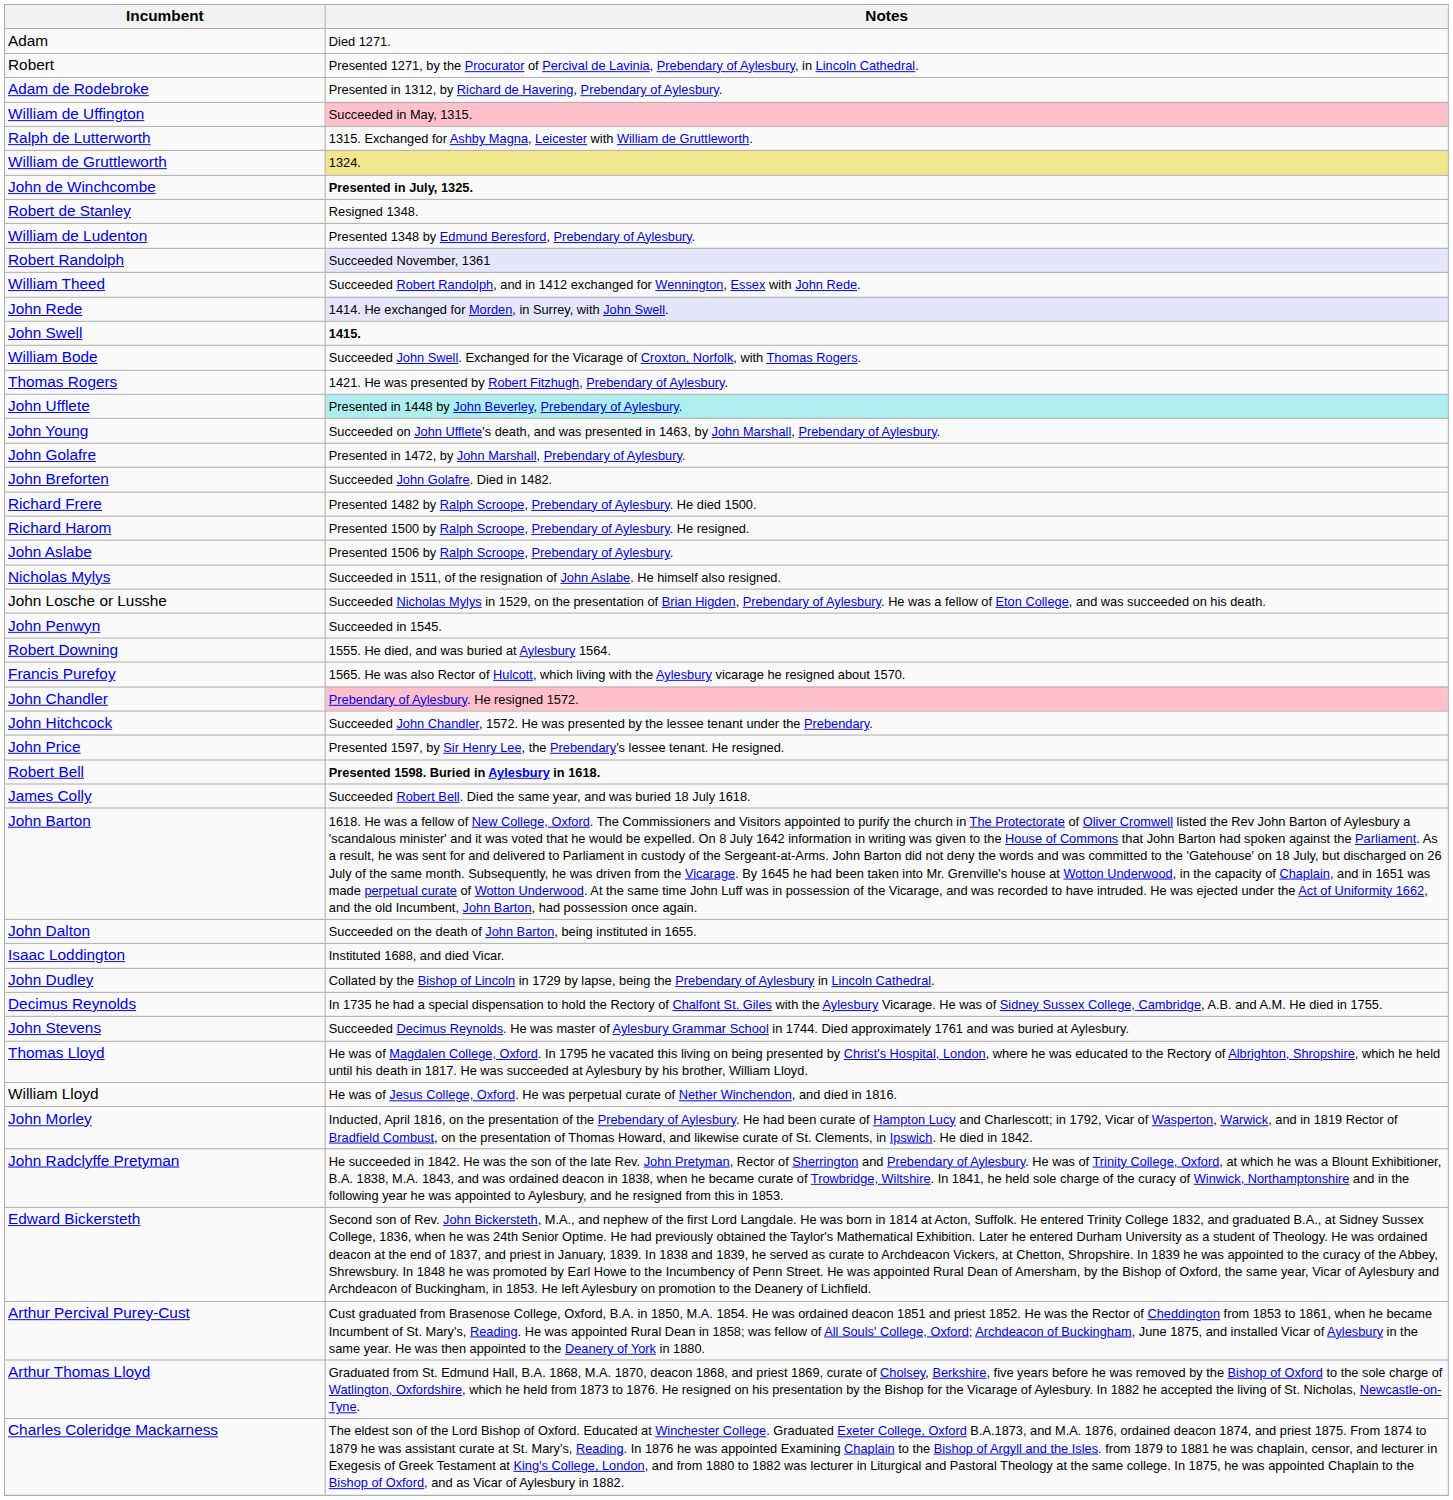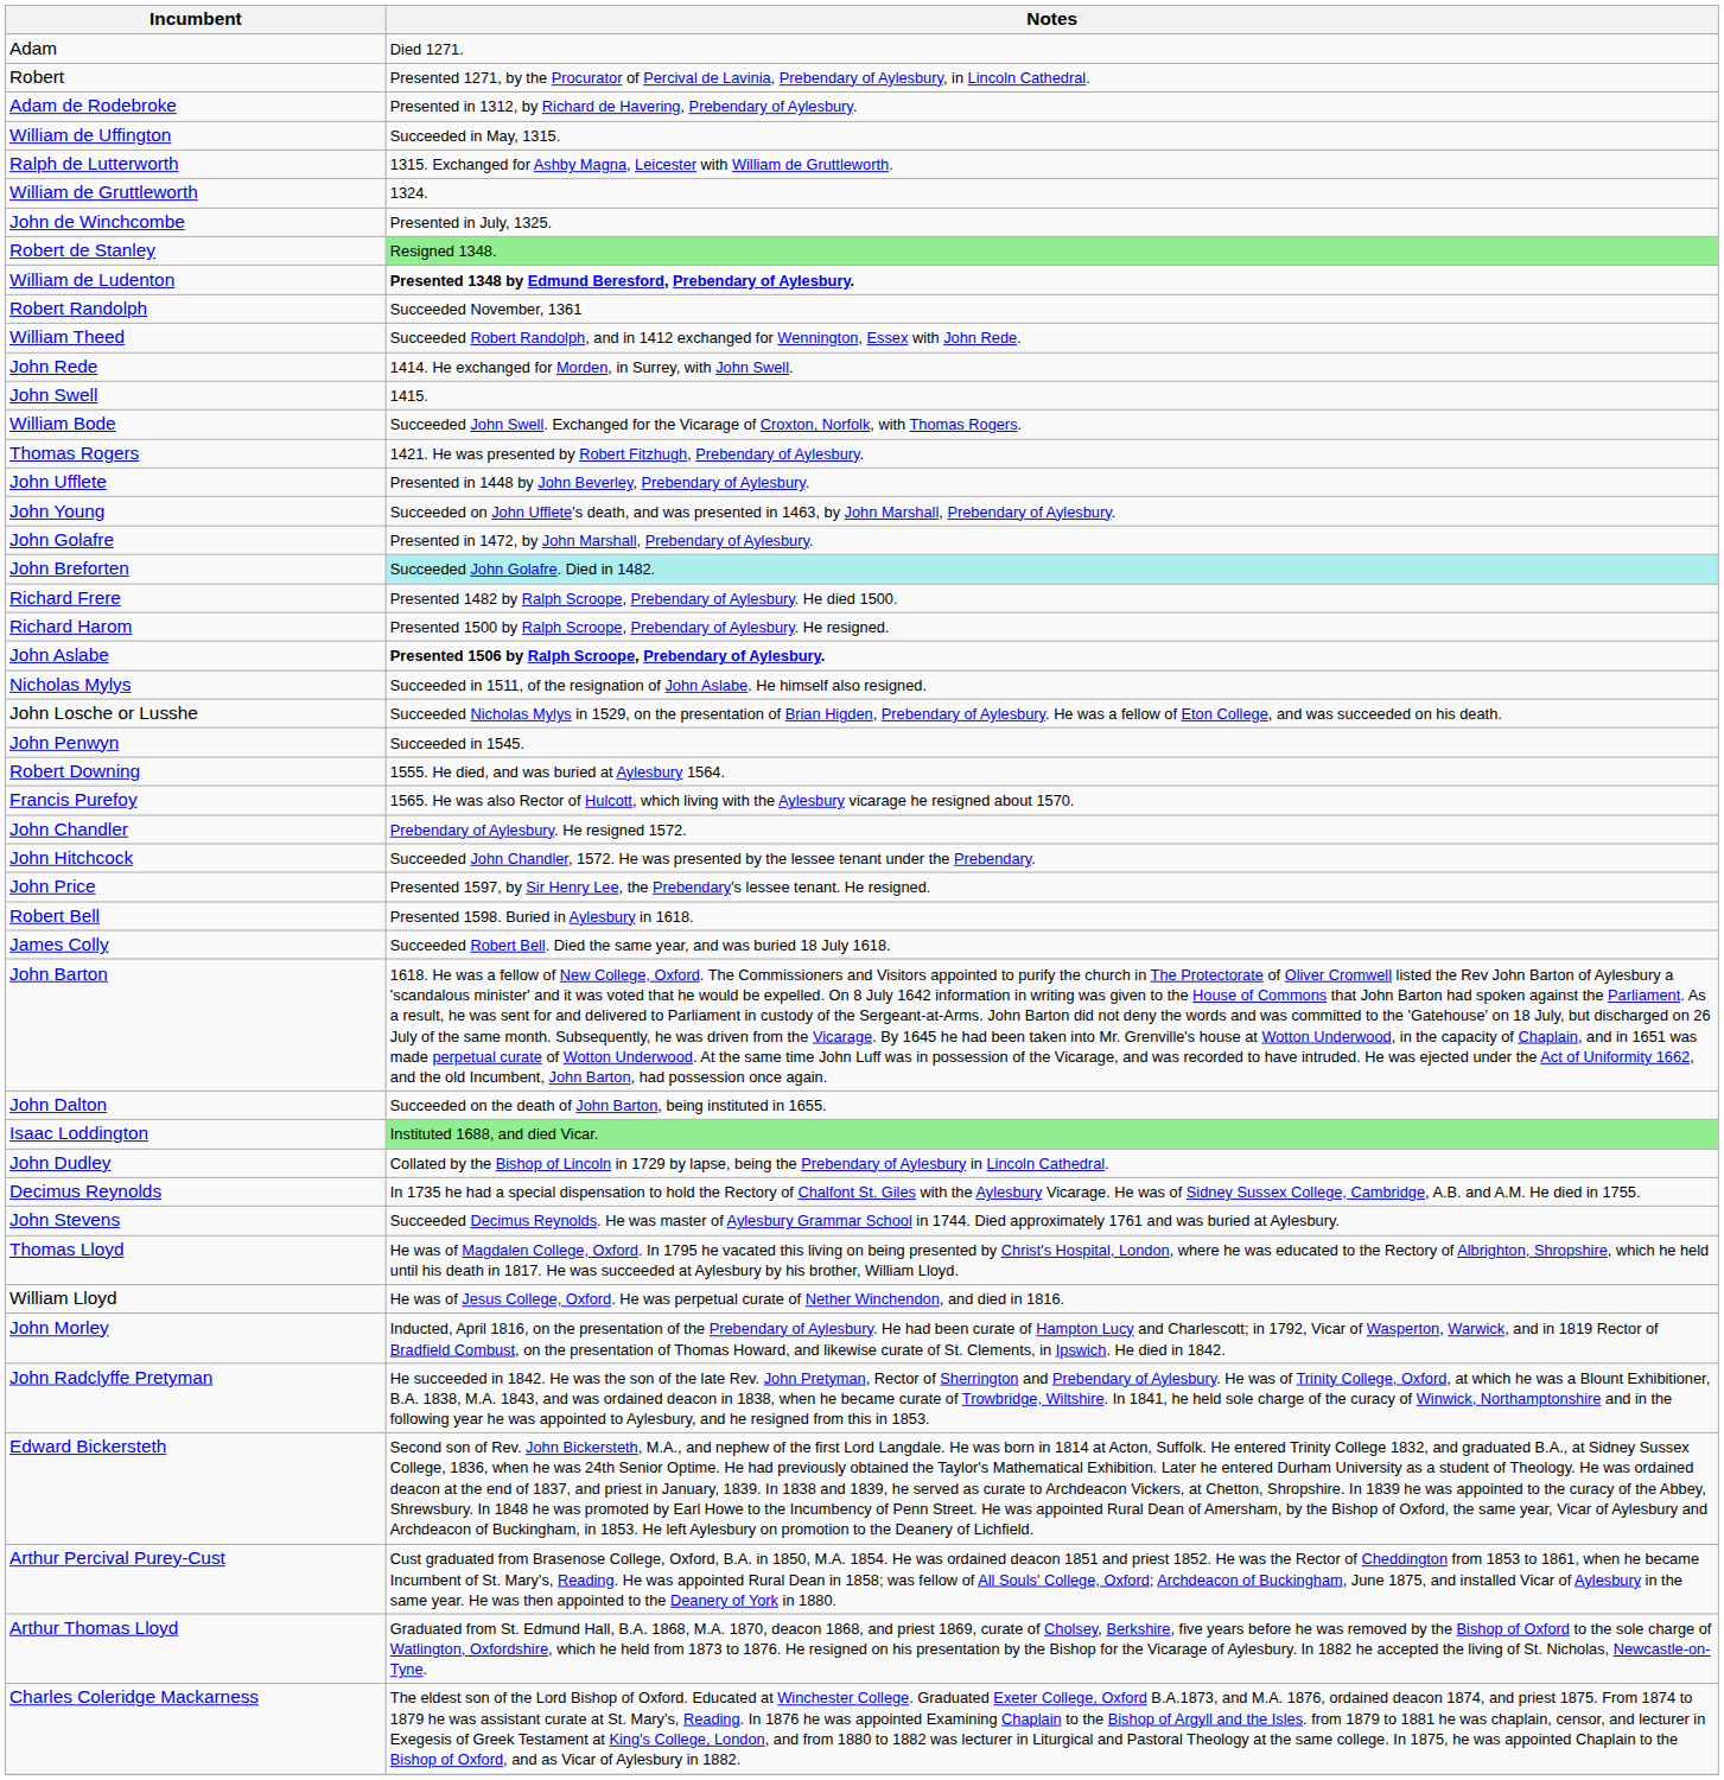 <table class="wikitable" style="width:95%;" border="1" cellpadding="2">
 <tr align=left>
 <th width="20%">Incumbent</th>
 <th width="70%">Notes</th>
 </tr>
 <tr valign=top>
 <td>Adam</td>
 <td><small>Died 1271.</small></td>
 </tr>
 <tr valign=top>
 <td>Robert</td>
 <td><small>Presented 1271, by the <a href='#'>Procurator</a> of <a href='#'>Percival de Lavinia</a>, <a href='#'>Prebendary of Aylesbury</a>, in <a href='#'>Lincoln Cathedral</a>.</small></td>
 </tr>
 <tr valign=top>
 <td><a href='#'>Adam de Rodebroke</a></td>
 <td><small>Presented in 1312, by <a href='#'>Richard de Havering</a>, <a href='#'>Prebendary of Aylesbury</a>.</small></td>
 </tr>
 <tr valign=top>
 <td><a href='#'>William de Uffington</a></td>
-<td style="background: pink;"><small>Succeeded in May, 1315.</small></td>
+<td><small>Succeeded in May, 1315.</small></td>
 </tr>
 <tr valign=top>
 <td><a href='#'>Ralph de Lutterworth</a></td>
 <td><small>1315. Exchanged for <a href='#'>Ashby Magna</a>, <a href='#'>Leicester</a> with <a href='#'>William de Gruttleworth</a>.</small></td>
 </tr>
 <tr valign=top>
 <td><a href='#'>William de Gruttleworth</a></td>
-<td style="background: khaki;"><small>1324.</small></td>
+<td><small>1324.</small></td>
 </tr>
 <tr valign=top>
 <td><a href='#'>John de Winchcombe</a></td>
-<td><strong><small>Presented in July, 1325.</small></strong></td>
+<td><small>Presented in July, 1325.</small></td>
 </tr>
 <tr valign=top>
 <td><a href='#'>Robert de Stanley</a></td>
-<td><small>Resigned 1348.</small></td>
+<td style="background: lightgreen;"><small>Resigned 1348.</small></td>
 </tr>
 <tr valign=top>
 <td><a href='#'>William de Ludenton</a></td>
-<td><small>Presented 1348 by <a href='#'>Edmund Beresford</a>, <a href='#'>Prebendary of Aylesbury</a>.</small></td>
+<td><strong><small>Presented 1348 by <a href='#'>Edmund Beresford</a>, <a href='#'>Prebendary of Aylesbury</a>.</small></strong></td>
 </tr>
 <tr valign=top>
 <td><a href='#'>Robert Randolph</a></td>
-<td style="background: lavender;"><small>Succeeded November, 1361</small></td>
+<td><small>Succeeded November, 1361</small></td>
 </tr>
 <tr valign=top>
 <td><a href='#'>William Theed</a></td>
 <td><small>Succeeded <a href='#'>Robert Randolph</a>, and in 1412 exchanged for <a href='#'>Wennington</a>, <a href='#'>Essex</a> with <a href='#'>John Rede</a>.</small></td>
 </tr>
 <tr valign=top>
 <td><a href='#'>John Rede</a></td>
-<td style="background: lavender;"><small>1414. He exchanged for <a href='#'>Morden</a>, in Surrey, with <a href='#'>John Swell</a>.</small></td>
+<td><small>1414. He exchanged for <a href='#'>Morden</a>, in Surrey, with <a href='#'>John Swell</a>.</small></td>
 </tr>
 <tr valign=top>
 <td><a href='#'>John Swell</a></td>
-<td><strong><small>1415.</small></strong></td>
+<td><small>1415.</small></td>
 </tr>
 <tr valign=top>
 <td><a href='#'>William Bode</a></td>
 <td><small>Succeeded <a href='#'>John Swell</a>. Exchanged for the Vicarage of <a href='#'>Croxton, Norfolk</a>, with <a href='#'>Thomas Rogers</a>.</small></td>
 </tr>
 <tr valign=top>
 <td><a href='#'>Thomas Rogers</a></td>
 <td><small>1421. He was presented by <a href='#'>Robert Fitzhugh</a>, <a href='#'>Prebendary of Aylesbury</a>.</small></td>
 </tr>
 <tr valign=top>
 <td><a href='#'>John Ufflete</a></td>
-<td style="background: paleturquoise;"><small>Presented in 1448 by <a href='#'>John Beverley</a>, <a href='#'>Prebendary of Aylesbury</a>.</small></td>
+<td><small>Presented in 1448 by <a href='#'>John Beverley</a>, <a href='#'>Prebendary of Aylesbury</a>.</small></td>
 </tr>
 <tr valign=top>
 <td><a href='#'>John Young</a></td>
 <td><small>Succeeded on <a href='#'>John Ufflete</a>'s death, and was presented in 1463, by <a href='#'>John Marshall</a>, <a href='#'>Prebendary of Aylesbury</a>.</small></td>
 </tr>
 <tr valign=top>
 <td><a href='#'>John Golafre</a></td>
 <td><small>Presented in 1472, by <a href='#'>John Marshall</a>, <a href='#'>Prebendary of Aylesbury</a>.</small></td>
 </tr>
 <tr valign=top>
 <td><a href='#'>John Breforten</a></td>
-<td><small>Succeeded <a href='#'>John Golafre</a>. Died in 1482.</small></td>
+<td style="background: paleturquoise;"><small>Succeeded <a href='#'>John Golafre</a>. Died in 1482.</small></td>
 </tr>
 <tr valign=top>
 <td><a href='#'>Richard Frere</a></td>
 <td><small>Presented 1482 by <a href='#'>Ralph Scroope</a>, <a href='#'>Prebendary of Aylesbury</a>.  He died 1500.</small></td>
 </tr>
 <tr valign=top>
 <td><a href='#'>Richard Harom</a></td>
 <td><small>Presented 1500 by <a href='#'>Ralph Scroope</a>, <a href='#'>Prebendary of Aylesbury</a>. He resigned.</small></td>
 </tr>
 <tr valign=top>
 <td><a href='#'>John Aslabe</a></td>
-<td><small>Presented 1506 by <a href='#'>Ralph Scroope</a>, <a href='#'>Prebendary of Aylesbury</a>.</small></td>
+<td><strong><small>Presented 1506 by <a href='#'>Ralph Scroope</a>, <a href='#'>Prebendary of Aylesbury</a>.</small></strong></td>
 </tr>
 <tr valign=top>
 <td><a href='#'>Nicholas Mylys</a></td>
 <td><small>Succeeded in 1511, of the resignation of <a href='#'>John Aslabe</a>. He himself also resigned.</small></td>
 </tr>
 <tr valign=top>
 <td>John Losche or Lusshe</td>
 <td><small>Succeeded <a href='#'>Nicholas Mylys</a> in 1529, on the presentation of <a href='#'>Brian Higden</a>, <a href='#'>Prebendary of Aylesbury</a>. He was a fellow of <a href='#'>Eton College</a>, and was succeeded on his death.</small></td>
 </tr>
 <tr valign=top>
 <td><a href='#'>John Penwyn</a></td>
 <td><small>Succeeded in 1545.</small></td>
 </tr>
 <tr valign=top>
 <td><a href='#'>Robert Downing</a></td>
 <td><small>1555. He died, and was buried at <a href='#'>Aylesbury</a> 1564.</small></td>
 </tr>
 <tr valign=top>
 <td><a href='#'>Francis Purefoy</a></td>
 <td><small>1565. He was also Rector of <a href='#'>Hulcott</a>, which living with the <a href='#'>Aylesbury</a> vicarage he resigned about 1570.</small></td>
 </tr>
 <tr valign=top>
 <td><a href='#'>John Chandler</a></td>
-<td style="background: pink;"><small><a href='#'>Prebendary of Aylesbury</a>. He resigned 1572.</small></td>
+<td><small><a href='#'>Prebendary of Aylesbury</a>. He resigned 1572.</small></td>
 </tr>
 <tr valign=top>
 <td><a href='#'>John Hitchcock</a></td>
 <td><small>Succeeded <a href='#'>John Chandler</a>, 1572. He was presented by the lessee tenant under the <a href='#'>Prebendary</a>.</small></td>
 </tr>
 <tr valign=top>
 <td><a href='#'>John Price</a></td>
 <td><small>Presented 1597, by <a href='#'>Sir Henry Lee</a>, the <a href='#'>Prebendary</a>'s lessee tenant. He resigned.</small></td>
 </tr>
 <tr valign=top>
 <td><a href='#'>Robert Bell</a></td>
-<td><strong><small>Presented 1598. Buried in <a href='#'>Aylesbury</a> in 1618.</small></strong></td>
+<td><small>Presented 1598. Buried in <a href='#'>Aylesbury</a> in 1618.</small></td>
 </tr>
 <tr valign=top>
 <td><a href='#'>James Colly</a></td>
 <td><small>Succeeded <a href='#'>Robert Bell</a>. Died the same year, and was buried 18 July 1618.</small></td>
 </tr>
 <tr valign=top>
 <td><a href='#'>John Barton</a></td>
 <td><small>1618. He was a fellow of <a href='#'>New College, Oxford</a>. The Commissioners and Visitors appointed to purify the church in <a href='#'>The Protectorate</a> of <a href='#'>Oliver Cromwell</a> listed the Rev John Barton of Aylesbury a 'scandalous minister' and it was voted that he would be expelled. On 8 July 1642 information in writing was given to the <a href='#'>House of Commons</a> that John Barton had spoken against the <a href='#'>Parliament</a>. As a result, he was sent for and delivered to Parliament in custody of the Sergeant-at-Arms. John Barton did not deny the words and was committed to the 'Gatehouse' on 18 July, but discharged on 26 July of the same month. Subsequently, he was driven from the <a href='#'>Vicarage</a>. By 1645 he had been taken into Mr. Grenville's house at <a href='#'>Wotton Underwood</a>, in the capacity of <a href='#'>Chaplain</a>, and in 1651 was made <a href='#'>perpetual curate</a> of <a href='#'>Wotton Underwood</a>. At the same time John Luff was in possession of the Vicarage, and was recorded to have intruded. He was ejected under the <a href='#'>Act of Uniformity 1662</a>, and the old Incumbent, <a href='#'>John Barton</a>, had possession once again.</small></td>
 </tr>
 <tr valign=top>
 <td><a href='#'>John Dalton</a></td>
 <td><small>Succeeded on the death of <a href='#'>John Barton</a>, being instituted in 1655.</small></td>
 </tr>
 <tr valign=top>
 <td><a href='#'>Isaac Loddington</a></td>
-<td><small>Instituted 1688, and died Vicar.</small></td>
+<td style="background: lightgreen;"><small>Instituted 1688, and died Vicar.</small></td>
 </tr>
 <tr valign=top>
 <td><a href='#'>John Dudley</a></td>
 <td><small>Collated by the <a href='#'>Bishop of Lincoln</a> in 1729 by lapse, being the <a href='#'>Prebendary of Aylesbury</a> in <a href='#'>Lincoln Cathedral</a>.</small></td>
 </tr>
 <tr valign=top>
 <td><a href='#'>Decimus Reynolds</a></td>
 <td><small>In 1735 he had a special dispensation to hold the Rectory of <a href='#'>Chalfont St. Giles</a> with the <a href='#'>Aylesbury</a> Vicarage. He was of <a href='#'>Sidney Sussex College, Cambridge</a>, A.B. and A.M. He died in 1755.</small></td>
 </tr>
 <tr valign=top>
 <td><a href='#'>John Stevens</a></td>
 <td><small>Succeeded <a href='#'>Decimus Reynolds</a>. He was master of <a href='#'>Aylesbury Grammar School</a> in 1744. Died approximately 1761 and was buried at Aylesbury.</small></td>
 </tr>
 <tr valign=top>
 <td><a href='#'>Thomas Lloyd</a></td>
 <td><small>He was of <a href='#'>Magdalen College, Oxford</a>. In 1795 he vacated this living on being presented by <a href='#'>Christ's Hospital, London</a>, where he was educated to the Rectory of <a href='#'>Albrighton, Shropshire</a>, which he held until his death in 1817. He was succeeded at Aylesbury by his brother, William Lloyd.</small></td>
 </tr>
 <tr valign=top>
 <td>William Lloyd</td>
 <td><small>He was of <a href='#'>Jesus College, Oxford</a>. He was perpetual curate of <a href='#'>Nether Winchendon</a>, and died in 1816.</small></td>
 </tr>
 <tr valign=top>
 <td><a href='#'>John Morley</a></td>
 <td><small>Inducted, April 1816, on the presentation of the <a href='#'>Prebendary of Aylesbury</a>. He had been curate of <a href='#'>Hampton Lucy</a> and Charlescott; in 1792, Vicar of <a href='#'>Wasperton</a>, <a href='#'>Warwick</a>, and in 1819 Rector of <a href='#'>Bradfield Combust</a>, on the presentation of Thomas Howard, and likewise curate of St. Clements, in <a href='#'>Ipswich</a>. He died in 1842.</small></td>
 </tr>
 <tr valign=top>
 <td><a href='#'>John Radclyffe Pretyman</a></td>
 <td><small>He succeeded in 1842. He was the son of the late Rev. <a href='#'>John Pretyman</a>, Rector of <a href='#'>Sherrington</a> and <a href='#'>Prebendary of Aylesbury</a>. He was of <a href='#'>Trinity College, Oxford</a>, at which he was a Blount Exhibitioner, B.A. 1838, M.A. 1843, and was ordained deacon in 1838, when he became curate of <a href='#'>Trowbridge, Wiltshire</a>. In 1841, he held sole charge of the curacy of <a href='#'>Winwick, Northamptonshire</a> and in the following year he was appointed to Aylesbury, and he resigned from this in 1853.</small></td>
 </tr>
 <tr valign=top>
 <td><a href='#'>Edward Bickersteth</a></td>
 <td><small>Second son of Rev. <a href='#'>John Bickersteth</a>, M.A., and nephew of the first Lord Langdale. He was born in 1814 at Acton, Suffolk. He entered Trinity College 1832, and graduated B.A., at Sidney Sussex College, 1836, when he was 24th Senior Optime. He had previously obtained the Taylor's Mathematical Exhibition. Later he entered Durham University as a student of Theology. He was ordained deacon at the end of 1837, and priest in January, 1839. In 1838 and 1839, he served as curate to Archdeacon Vickers, at Chetton, Shropshire. In 1839 he was appointed to the curacy of the Abbey, Shrewsbury. In 1848 he was promoted by Earl Howe to the Incumbency of Penn Street. He was appointed Rural Dean of Amersham, by the Bishop of Oxford, the same year, Vicar of Aylesbury and Archdeacon of Buckingham, in 1853. He left Aylesbury on promotion to the Deanery of Lichfield.</small></td>
 </tr>
 <tr valign=top>
 <td><a href='#'>Arthur Percival Purey-Cust</a></td>
 <td><small>Cust graduated from Brasenose College, Oxford, B.A. in 1850, M.A. 1854. He was ordained deacon 1851 and priest 1852. He was the Rector of <a href='#'>Cheddington</a> from 1853 to 1861, when he became Incumbent of St. Mary's, <a href='#'>Reading</a>. He was appointed Rural Dean in 1858; was fellow of <a href='#'>All Souls' College, Oxford</a>; <a href='#'>Archdeacon of Buckingham</a>, June 1875, and installed Vicar of <a href='#'>Aylesbury</a> in the same year. He was then appointed to the <a href='#'>Deanery of York</a> in 1880.</small></td>
 </tr>
 <tr valign=top>
 <td><a href='#'>Arthur Thomas Lloyd</a></td>
 <td><small>Graduated from St. Edmund Hall, B.A. 1868, M.A. 1870, deacon 1868, and priest 1869, curate of <a href='#'>Cholsey</a>, <a href='#'>Berkshire</a>, five years before he was removed by the <a href='#'>Bishop of Oxford</a> to the sole charge of <a href='#'>Watlington, Oxfordshire</a>, which he held from 1873 to 1876. He resigned on his presentation by the Bishop for the Vicarage of Aylesbury. In 1882 he accepted the living of St. Nicholas, <a href='#'>Newcastle-on-Tyne</a>.</small></td>
 </tr>
 <tr valign=top>
 <td><a href='#'>Charles Coleridge Mackarness</a></td>
 <td><small>The eldest son of the Lord Bishop of Oxford. Educated at <a href='#'>Winchester College</a>. Graduated <a href='#'>Exeter College, Oxford</a> B.A.1873, and M.A. 1876, ordained deacon 1874, and priest 1875. From 1874 to 1879 he was assistant curate at St. Mary's, <a href='#'>Reading</a>. In 1876 he was appointed Examining <a href='#'>Chaplain</a> to the <a href='#'>Bishop of Argyll and the Isles</a>. from 1879 to 1881 he was chaplain, censor, and lecturer in Exegesis of Greek Testament at <a href='#'>King's College, London</a>, and from 1880 to 1882 was lecturer in Liturgical and Pastoral Theology at the same college. In 1875, he was appointed Chaplain to the <a href='#'>Bishop of Oxford</a>, and as Vicar of Aylesbury in 1882.</small></td>
 </tr>
 <tr valign=top>
 </tr>
 </table>
